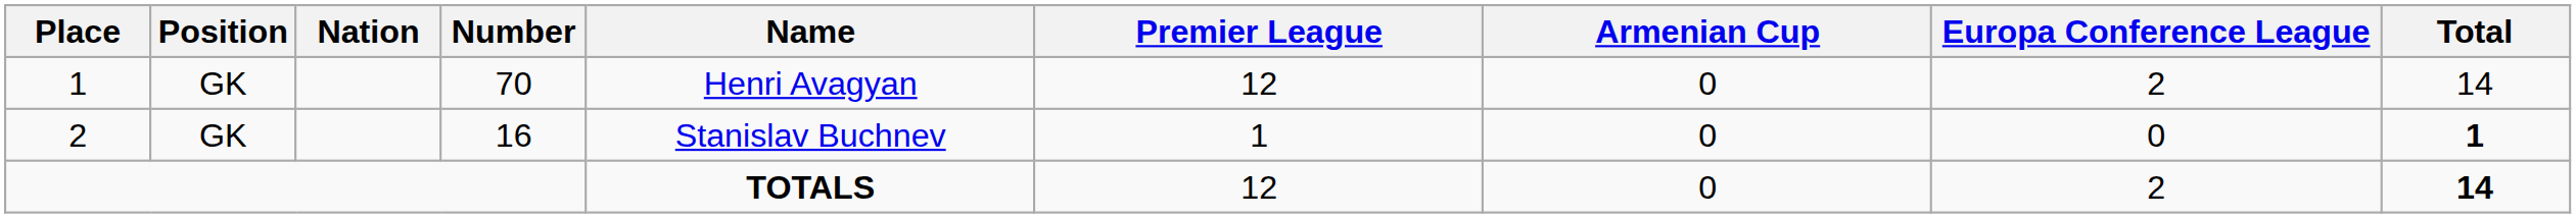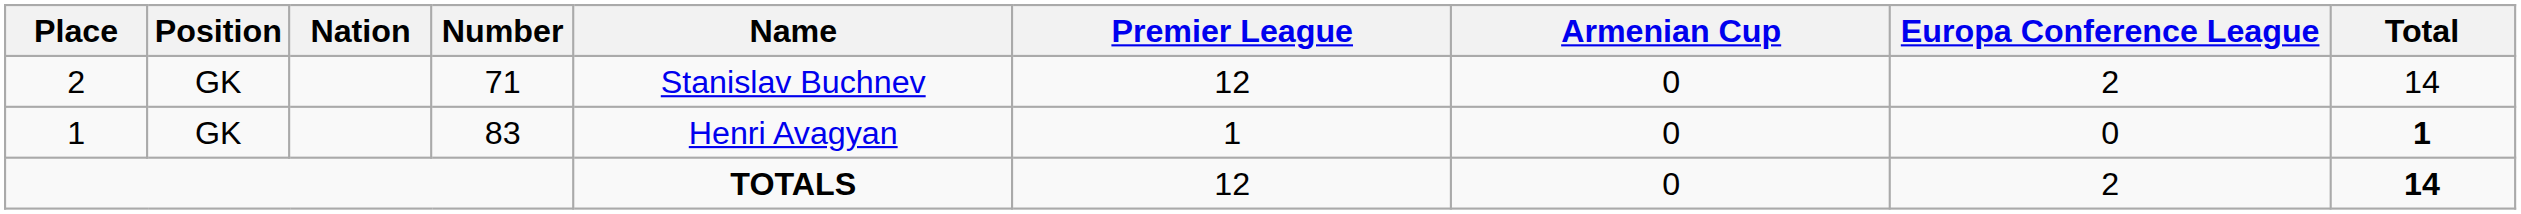 <table class="wikitable" style="font-size: 95%; text-align: center;">
 <tr>
 <th width=60>Place</th>
 <th width=60>Position</th>
 <th width=60>Nation</th>
 <th width=60>Number</th>
 <th width=200>Name</th>
 <th width=200><a href='#'>Premier League</a></th>
 <th width=200><a href='#'>Armenian Cup</a></th>
 <th width=200><a href='#'>Europa Conference League</a></th>
 <th width=80><strong>Total</strong></th>
 </tr>
 <tr>
-<td>1</td>
+<td>2</td>
 <td>GK</td>
 <td></td>
-<td>70</td>
-<td><a href='#'>Henri Avagyan</a></td>
+<td>71</td>
+<td><a href='#'>Stanislav Buchnev</a></td>
 <td>12</td>
 <td>0</td>
 <td>2</td>
 <td>14</td>
 </tr>
 <tr>
-<td>2</td>
+<td>1</td>
 <td>GK</td>
 <td></td>
-<td>16</td>
-<td><a href='#'>Stanislav Buchnev</a></td>
+<td>83</td>
+<td><a href='#'>Henri Avagyan</a></td>
 <td>1</td>
 <td>0</td>
 <td>0</td>
 <td><strong>1</strong></td>
 </tr>
 <tr>
 <td colspan="4"></td>
 <td><strong>TOTALS</strong></td>
 <td>12</td>
 <td>0</td>
 <td>2</td>
 <td><strong>14</strong></td>
 </tr>
 </table>
